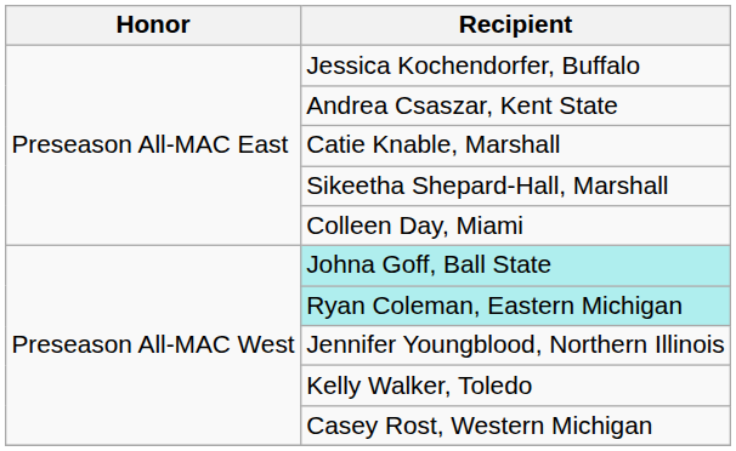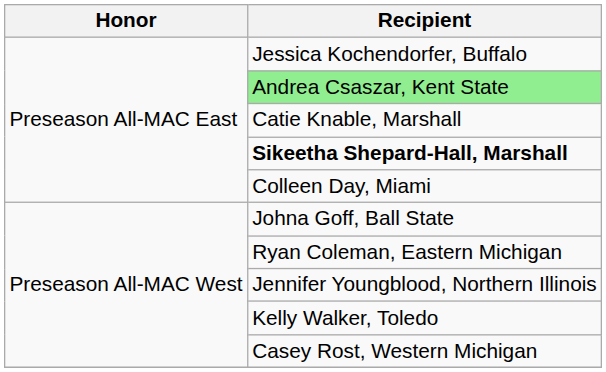 <table class="wikitable" border="1">
 <tr>
 <th>Honor</th>
 <th>Recipient</th>
 </tr>
 <tr>
 <td rowspan=5 valign=middle>Preseason All-MAC East</td>
 <td>Jessica Kochendorfer, Buffalo</td>
 </tr>
 <tr>
-<td>Andrea Csaszar, Kent State</td>
+<td style="background: lightgreen;">Andrea Csaszar, Kent State</td>
 </tr>
 <tr>
 <td>Catie Knable, Marshall</td>
 </tr>
 <tr>
-<td>Sikeetha Shepard-Hall, Marshall</td>
+<td><strong>Sikeetha Shepard-Hall, Marshall</strong></td>
 </tr>
 <tr>
 <td>Colleen Day, Miami</td>
 </tr>
 <tr>
 <td rowspan=5 valign=middle>Preseason All-MAC West</td>
-<td style="background: paleturquoise;">Johna Goff, Ball State</td>
+<td>Johna Goff, Ball State</td>
 </tr>
 <tr>
-<td style="background: paleturquoise;">Ryan Coleman, Eastern Michigan</td>
+<td>Ryan Coleman, Eastern Michigan</td>
 </tr>
 <tr>
 <td>Jennifer Youngblood, Northern Illinois</td>
 </tr>
 <tr>
 <td>Kelly Walker, Toledo</td>
 </tr>
 <tr>
 <td>Casey Rost, Western Michigan</td>
 </tr>
 <tr>
 </tr>
 </table>
